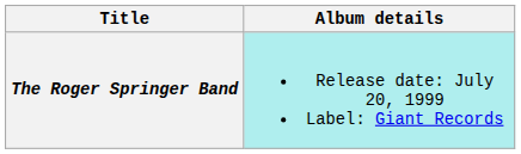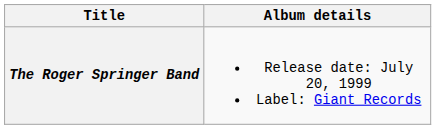 <table class="wikitable plainrowheaders" style="text-align:center;">
 <tr>
 <th style="width:14em;">Title</th>
 <th style="width:16em;">Album details</th>
 </tr>
 <tr>
 <th scope="row"><em>The Roger Springer Band</em></th>
-<td style="background: paleturquoise;"><br><ul><li>Release date: July 20, 1999</li><li>Label: <a href='#'>Giant Records</a></li></ul></td>
+<td><br><ul><li>Release date: July 20, 1999</li><li>Label: <a href='#'>Giant Records</a></li></ul></td>
 </tr>
 </table>
